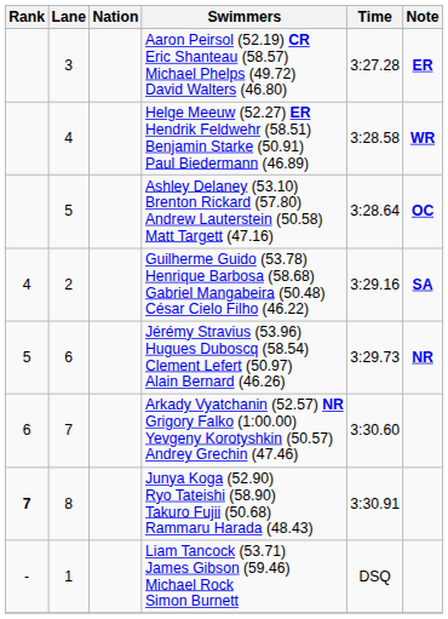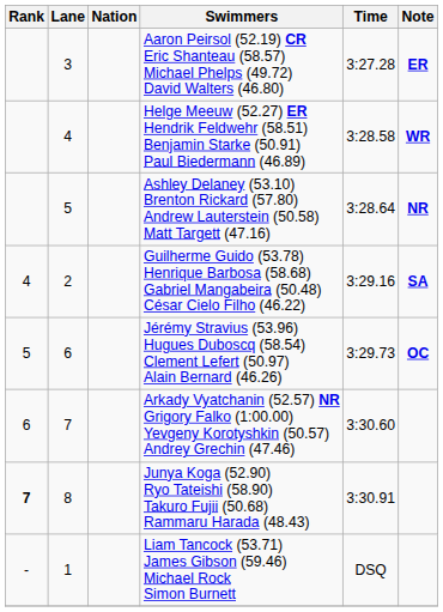 <table class="wikitable sortable" style="text-align:center">
 <tr>
 <th>Rank</th>
 <th>Lane</th>
 <th>Nation</th>
 <th>Swimmers</th>
 <th>Time</th>
 <th>Note</th>
 </tr>
 <tr>
 <td></td>
 <td>3</td>
 <td align=left></td>
 <td align=left><a href='#'>Aaron Peirsol</a> (52.19) <strong><a href='#'>CR</a></strong> <br> <a href='#'>Eric Shanteau</a> (58.57)<br> <a href='#'>Michael Phelps</a> (49.72) <br> <a href='#'>David Walters</a> (46.80)</td>
 <td>3:27.28</td>
 <td><strong><a href='#'>ER</a></strong></td>
 </tr>
 <tr>
 <td></td>
 <td>4</td>
 <td align=left></td>
 <td align=left><a href='#'>Helge Meeuw</a> (52.27) <strong><a href='#'>ER</a></strong><br> <a href='#'>Hendrik Feldwehr</a> (58.51)<br> <a href='#'>Benjamin Starke</a> (50.91)<br> <a href='#'>Paul Biedermann</a> (46.89)</td>
 <td>3:28.58</td>
 <td><strong><a href='#'>WR</a></strong></td>
 </tr>
 <tr>
 <td></td>
 <td>5</td>
 <td align=left></td>
 <td align=left><a href='#'>Ashley Delaney</a> (53.10)<br> <a href='#'>Brenton Rickard</a> (57.80)<br> <a href='#'>Andrew Lauterstein</a> (50.58)<br> <a href='#'>Matt Targett</a> (47.16)</td>
 <td>3:28.64</td>
-<td><strong><a href='#'>OC</a></strong></td>
+<td><strong><a href='#'>NR</a></strong></td>
 </tr>
 <tr>
 <td>4</td>
 <td>2</td>
 <td align=left></td>
 <td align=left><a href='#'>Guilherme Guido</a> (53.78)<br> <a href='#'>Henrique Barbosa</a> (58.68)<br> <a href='#'>Gabriel Mangabeira</a> (50.48)<br> <a href='#'>César Cielo Filho</a> (46.22)</td>
 <td>3:29.16</td>
 <td><strong><a href='#'>SA</a></strong></td>
 </tr>
 <tr>
 <td>5</td>
 <td>6</td>
 <td align=left></td>
 <td align=left><a href='#'>Jérémy Stravius</a> (53.96)<br> <a href='#'>Hugues Duboscq</a> (58.54)<br> <a href='#'>Clement Lefert</a> (50.97)<br> <a href='#'>Alain Bernard</a> (46.26)</td>
 <td>3:29.73</td>
-<td><strong><a href='#'>NR</a></strong></td>
+<td><strong><a href='#'>OC</a></strong></td>
 </tr>
 <tr>
 <td>6</td>
 <td>7</td>
 <td align=left></td>
 <td align=left><a href='#'>Arkady Vyatchanin</a> (52.57) <strong><a href='#'>NR</a></strong><br> <a href='#'>Grigory Falko</a> (1:00.00)<br> <a href='#'>Yevgeny Korotyshkin</a> (50.57)<br> <a href='#'>Andrey Grechin</a> (47.46)</td>
 <td>3:30.60</td>
 <td></td>
 </tr>
 <tr>
 <td><strong>7</strong></td>
 <td>8</td>
 <td align=left></td>
 <td align=left><a href='#'>Junya Koga</a> (52.90)<br> <a href='#'>Ryo Tateishi</a> (58.90)<br> <a href='#'>Takuro Fujii</a> (50.68)<br> <a href='#'>Rammaru Harada</a> (48.43)</td>
 <td>3:30.91</td>
 <td></td>
 </tr>
 <tr>
 <td>-</td>
 <td>1</td>
 <td align=left></td>
 <td align=left><a href='#'>Liam Tancock</a> (53.71)<br> <a href='#'>James Gibson</a> (59.46)<br> <a href='#'>Michael Rock</a> <br> <a href='#'>Simon Burnett</a></td>
 <td>DSQ</td>
 <td></td>
 </tr>
 <tr>
 </tr>
 </table>
